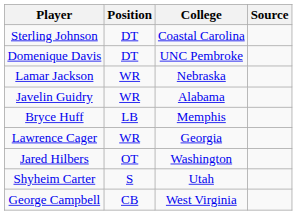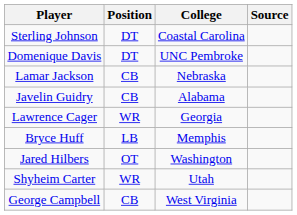 <table class="wikitable" style="text-align:center">
 <tr>
 <th>Player</th>
 <th>Position</th>
 <th>College</th>
 <th>Source</th>
 </tr>
 <tr>
 <td><a href='#'>Sterling Johnson</a></td>
 <td><a href='#'>DT</a></td>
 <td><a href='#'>Coastal Carolina</a></td>
 <td></td>
 </tr>
 <tr>
 <td><a href='#'>Domenique Davis</a></td>
 <td><a href='#'>DT</a></td>
 <td><a href='#'>UNC Pembroke</a></td>
 <td></td>
 </tr>
 <tr>
 <td><a href='#'>Lamar Jackson</a></td>
-<td><a href='#'>WR</a></td>
+<td><a href='#'>CB</a></td>
 <td><a href='#'>Nebraska</a></td>
 <td></td>
 </tr>
 <tr>
 <td><a href='#'>Javelin Guidry</a></td>
+<td><a href='#'>CB</a></td>
+<td><a href='#'>Alabama</a></td>
+<td></td>
+</tr>
+<tr>
+<td><a href='#'>Lawrence Cager</a></td>
 <td><a href='#'>WR</a></td>
-<td><a href='#'>Alabama</a></td>
+<td><a href='#'>Georgia</a></td>
 <td></td>
 </tr>
 <tr>
 <td><a href='#'>Bryce Huff</a></td>
 <td><a href='#'>LB</a></td>
 <td><a href='#'>Memphis</a></td>
-<td></td>
-</tr>
-<tr>
-<td><a href='#'>Lawrence Cager</a></td>
-<td><a href='#'>WR</a></td>
-<td><a href='#'>Georgia</a></td>
 <td></td>
 </tr>
 <tr>
 <td><a href='#'>Jared Hilbers</a></td>
 <td><a href='#'>OT</a></td>
 <td><a href='#'>Washington</a></td>
 <td></td>
 </tr>
 <tr>
 <td><a href='#'>Shyheim Carter</a></td>
-<td><a href='#'>S</a></td>
+<td><a href='#'>WR</a></td>
 <td><a href='#'>Utah</a></td>
 <td></td>
 </tr>
 <tr>
 <td><a href='#'>George Campbell</a></td>
 <td><a href='#'>CB</a></td>
 <td><a href='#'>West Virginia</a></td>
 <td></td>
 </tr>
 </table>
